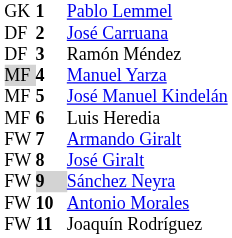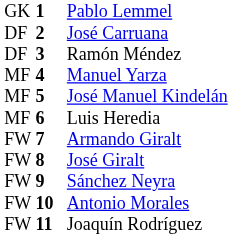 <table cellspacing="0" cellpadding="0" style="font-size:90%; margin:0.2em auto;">
 <tr>
 <th width="25"></th>
 <th width="25"></th>
 </tr>
 <tr>
 <td>GK</td>
 <td><strong>1</strong></td>
 <td> <a href='#'>Pablo Lemmel</a></td>
 </tr>
 <tr>
 <td>DF</td>
 <td><strong>2</strong></td>
 <td> <a href='#'>José Carruana</a></td>
 </tr>
 <tr>
 <td>DF</td>
 <td><strong>3</strong></td>
 <td> Ramón Méndez</td>
 </tr>
 <tr>
-<td style="background: lightgrey;">MF</td>
+<td>MF</td>
 <td><strong>4</strong></td>
 <td> <a href='#'>Manuel Yarza</a></td>
 </tr>
 <tr>
 <td>MF</td>
 <td><strong>5</strong></td>
 <td> <a href='#'>José Manuel Kindelán</a></td>
 </tr>
 <tr>
 <td>MF</td>
 <td><strong>6</strong></td>
 <td> Luis Heredia</td>
 </tr>
 <tr>
 <td>FW</td>
 <td><strong>7</strong></td>
 <td> <a href='#'>Armando Giralt</a></td>
 </tr>
 <tr>
 <td>FW</td>
 <td><strong>8</strong></td>
 <td> <a href='#'>José Giralt</a></td>
 </tr>
 <tr>
 <td>FW</td>
-<td style="background: lightgrey;"><strong>9</strong></td>
+<td><strong>9</strong></td>
 <td> <a href='#'>Sánchez Neyra</a></td>
 </tr>
 <tr>
 <td>FW</td>
 <td><strong>10</strong></td>
 <td> <a href='#'>Antonio Morales</a></td>
 </tr>
 <tr>
 <td>FW</td>
 <td><strong>11</strong></td>
 <td> Joaquín Rodríguez</td>
 </tr>
 </table>
